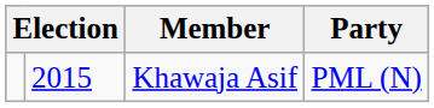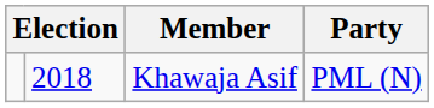 <table class="wikitable">
 <tr>
 <th colspan="2">Election</th>
 <th>Member</th>
 <th>Party</th>
 </tr>
 <tr>
 <td style="background-color: "></td>
-<td><a href='#'>2015</a></td>
+<td><a href='#'>2018</a></td>
 <td><a href='#'>Khawaja Asif</a></td>
 <td><a href='#'>PML (N)</a></td>
 </tr>
 </table>
